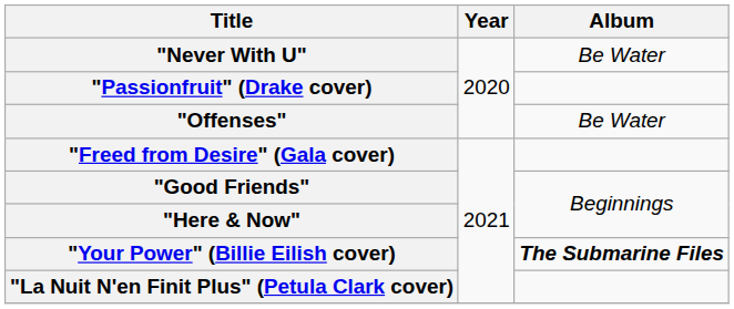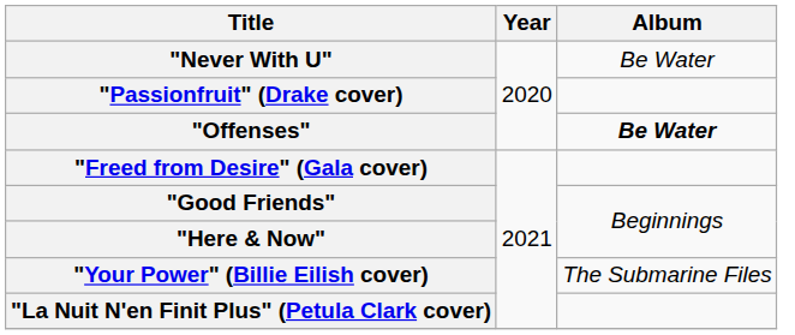 <table class="wikitable plainrowheaders" style="text-align:center;">
 <tr>
 <th scope="col">Title</th>
 <th scope="col">Year</th>
 <th scope="col">Album</th>
 </tr>
 <tr>
 <th scope="row">"Never With U"</th>
 <td rowspan="3">2020</td>
 <td><em>Be Water</em></td>
 </tr>
 <tr>
 <th scope="row">"<a href='#'>Passionfruit</a>" (<a href='#'>Drake</a> cover)</th>
 <td></td>
 </tr>
 <tr>
 <th scope="row">"Offenses"</th>
-<td><em>Be Water</em></td>
+<td><strong><em>Be Water</em></strong></td>
 </tr>
 <tr>
 <th scope="row">"<a href='#'>Freed from Desire</a>" (<a href='#'>Gala</a> cover)</th>
 <td rowspan="5">2021</td>
 <td></td>
 </tr>
 <tr>
 <th scope="row">"Good Friends"</th>
 <td rowspan="2"><em>Beginnings</em></td>
 </tr>
 <tr>
 <th scope="row">"Here & Now"</th>
 </tr>
 <tr>
 <th scope="row">"<a href='#'>Your Power</a>" (<a href='#'>Billie Eilish</a> cover)</th>
-<td><strong><em>The Submarine Files</em></strong></td>
+<td><em>The Submarine Files</em></td>
 </tr>
 <tr>
 <th scope="row">"La Nuit N'en Finit Plus" (<a href='#'>Petula Clark</a> cover)</th>
 <td></td>
 </tr>
 <tr>
 </tr>
 </table>
